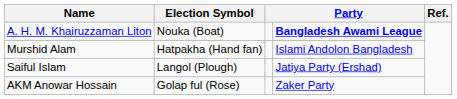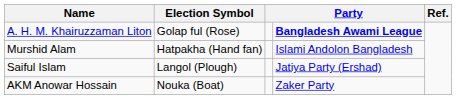 <table class="wikitable">
 <tr>
 <th colspan="1">Name</th>
 <th>Election Symbol</th>
 <th class="unsortable"> </th>
 <th style="border-left-style:hidden; padding:0.1em 0;"><a href='#'>Party</a></th>
 <th>Ref.</th>
 </tr>
 <tr>
 <td><a href='#'>A. H. M. Khairuzzaman Liton</a></td>
-<td>Nouka (Boat)</td>
+<td>Golap ful (Rose)</td>
 <td></td>
 <td><strong><a href='#'>Bangladesh Awami League</a></strong></td>
 <td rowspan="7"></td>
 </tr>
 <tr>
 <td>Murshid Alam</td>
 <td>Hatpakha (Hand fan)</td>
 <td></td>
 <td><a href='#'>Islami Andolon Bangladesh</a></td>
 </tr>
 <tr>
 <td>Saiful Islam</td>
 <td>Langol (Plough)</td>
 <td></td>
 <td><a href='#'>Jatiya Party (Ershad)</a></td>
 </tr>
 <tr>
 <td>AKM Anowar Hossain</td>
-<td>Golap ful (Rose)</td>
+<td>Nouka (Boat)</td>
 <td></td>
 <td><a href='#'>Zaker Party</a></td>
 </tr>
 </table>
